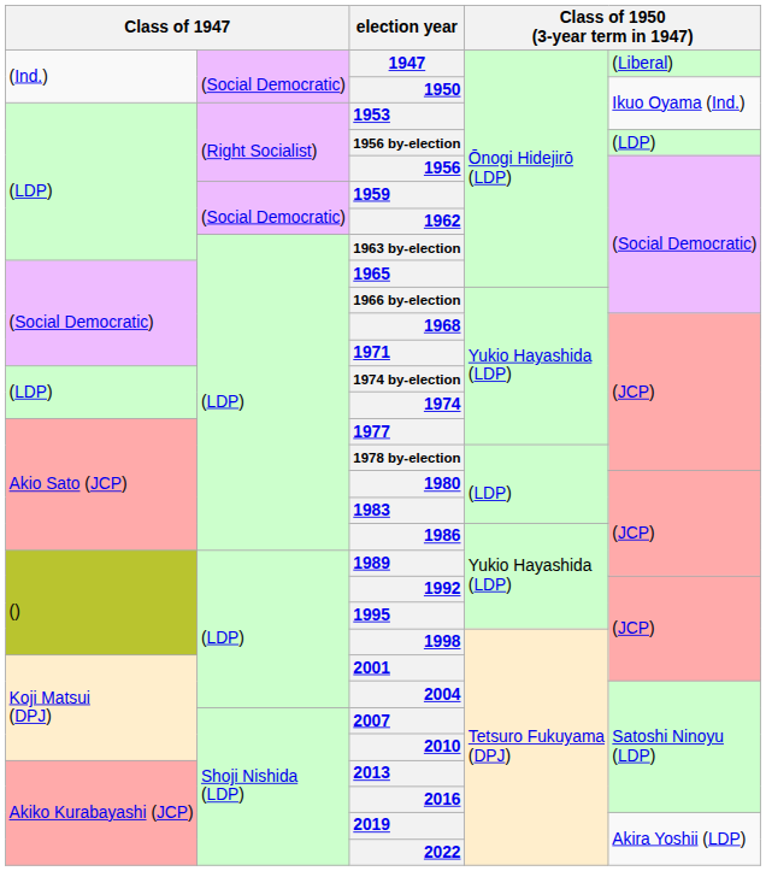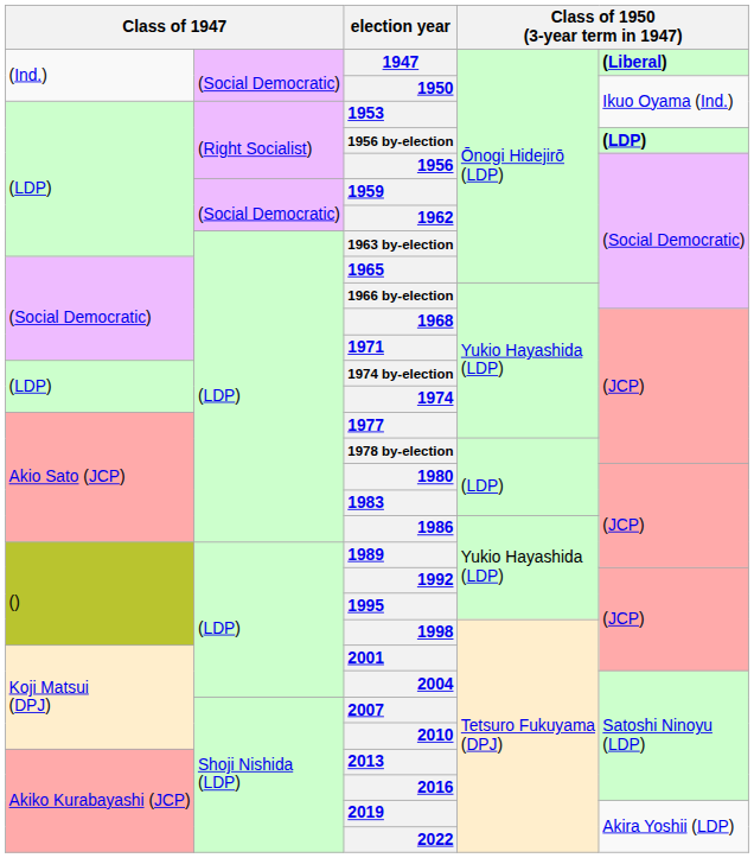 <table class="wikitable" border="1">
 <tr>
 <th colspan="2">Class of 1947</th>
 <th>election year</th>
 <th colspan="2">Class of 1950<br>(3-year term in 1947)</th>
 </tr>
 <tr>
 <td rowspan="2"> (<a href='#'>Ind.</a>)</td>
 <td rowspan="2" bgcolor="#EEBBFF"><br>(<a href='#'>Social Democratic</a>)</td>
 <th style="text-align: center"><a href='#'>1947</a></th>
 <td rowspan="9" bgcolor="#CCFFCC"><a href='#'>Ōnogi Hidejirō</a><br>(<a href='#'>LDP</a>)</td>
-<td bgcolor="#CCFFCC"> (<a href='#'>Liberal</a>)</td>
+<td bgcolor="#CCFFCC"><strong> (<a href='#'>Liberal</a>)</strong></td>
 </tr>
 <tr>
 <th style="text-align: right"><a href='#'>1950</a></th>
 <td rowspan="2"><a href='#'>Ikuo Oyama</a> (<a href='#'>Ind.</a>)</td>
 </tr>
 <tr>
 <td rowspan="6" bgcolor="#CCFFCC"><br>(<a href='#'>LDP</a>)</td>
 <td rowspan="3" bgcolor="#EEBBFF"><br>(<a href='#'>Right Socialist</a>)</td>
 <th style="text-align: left"><a href='#'>1953</a></th>
 </tr>
 <tr>
 <th style="text-align: right"><small>1956 by-election</small></th>
-<td bgcolor="#CCFFCC"> (<a href='#'>LDP</a>)</td>
+<td bgcolor="#CCFFCC"><strong> (<a href='#'>LDP</a>)</strong></td>
 </tr>
 <tr>
 <th style="text-align: right"><a href='#'>1956</a></th>
 <td rowspan="6" bgcolor="#EEBBFF"><br>(<a href='#'>Social Democratic</a>)</td>
 </tr>
 <tr>
 <td rowspan="2" bgcolor="#EEBBFF"><br>(<a href='#'>Social Democratic</a>)</td>
 <th style="text-align: left"><a href='#'>1959</a></th>
 </tr>
 <tr>
 <th style="text-align: right"><a href='#'>1962</a></th>
 </tr>
 <tr>
 <td rowspan="12" bgcolor="#CCFFCC"><br>(<a href='#'>LDP</a>)</td>
 <th style="text-align: left"><small>1963 by-election</small></th>
 </tr>
 <tr>
 <td rowspan="4" bgcolor="#EEBBFF"><br>(<a href='#'>Social Democratic</a>)</td>
 <th style="text-align: left"><a href='#'>1965</a></th>
 </tr>
 <tr>
 <th style="text-align: right"><small>1966 by-election</small></th>
 <td rowspan="6" bgcolor="#CCFFCC"><a href='#'>Yukio Hayashida</a><br>(<a href='#'>LDP</a>)</td>
 </tr>
 <tr>
 <th style="text-align: right"><a href='#'>1968</a></th>
 <td rowspan="6" bgcolor="#FFAAAA"> (<a href='#'>JCP</a>)</td>
 </tr>
 <tr>
 <th style="text-align: left"><a href='#'>1971</a></th>
 </tr>
 <tr>
 <td rowspan="2" bgcolor="#CCFFCC"> (<a href='#'>LDP</a>)</td>
 <th style="text-align: left"><small>1974 by-election</small></th>
 </tr>
 <tr>
 <th style="text-align: right"><a href='#'>1974</a></th>
 </tr>
 <tr>
 <td rowspan="5" bgcolor="#FFAAAA"><a href='#'>Akio Sato</a> (<a href='#'>JCP</a>)</td>
 <th style="text-align: left"><a href='#'>1977</a></th>
 </tr>
 <tr>
 <th style="text-align: right"><small>1978 by-election</small></th>
 <td rowspan="3" bgcolor="#CCFFCC"><br>(<a href='#'>LDP</a>)</td>
 </tr>
 <tr>
 <th style="text-align: right"><a href='#'>1980</a></th>
 <td rowspan="4" bgcolor="#FFAAAA"> <br>(<a href='#'>JCP</a>)</td>
 </tr>
 <tr>
 <th style="text-align: left"><a href='#'>1983</a></th>
 </tr>
 <tr>
 <th style="text-align: right"><a href='#'>1986</a></th>
 <td rowspan="4" bgcolor="#CCFFCC">Yukio Hayashida <br>(<a href='#'>LDP</a>)</td>
 </tr>
 <tr>
 <td rowspan="4" bgcolor="#B9C42F"><br>()</td>
 <td rowspan="6" bgcolor="#CCFFCC"><br>(<a href='#'>LDP</a>)</td>
 <th style="text-align: left"><a href='#'>1989</a></th>
 </tr>
 <tr>
 <th style="text-align: right"><a href='#'>1992</a></th>
 <td rowspan="4" bgcolor="#FFAAAA"> (<a href='#'>JCP</a>)</td>
 </tr>
 <tr>
 <th style="text-align: left"><a href='#'>1995</a></th>
 </tr>
 <tr>
 <th style="text-align: right"><a href='#'>1998</a></th>
 <td rowspan="9" bgcolor="#FFEECC"><a href='#'>Tetsuro Fukuyama</a><br>(<a href='#'>DPJ</a>)</td>
 </tr>
 <tr>
 <td rowspan="4" bgcolor="#FFEECC"><a href='#'>Koji Matsui</a><br>(<a href='#'>DPJ</a>)</td>
 <th style="text-align: left"><a href='#'>2001</a></th>
 </tr>
 <tr>
 <th style="text-align: right"><a href='#'>2004</a></th>
 <td rowspan="5" bgcolor="#CCFFCC"><a href='#'>Satoshi Ninoyu</a><br>(<a href='#'>LDP</a>)</td>
 </tr>
 <tr>
 <td rowspan="6" bgcolor="#CCFFCC"><a href='#'>Shoji Nishida</a><br>(<a href='#'>LDP</a>)</td>
 <th style="text-align: left"><a href='#'>2007</a></th>
 </tr>
 <tr>
 <th style="text-align: right"><a href='#'>2010</a></th>
 </tr>
 <tr>
 <td rowspan="4" bgcolor="#FFAAAA"><a href='#'>Akiko Kurabayashi</a> (<a href='#'>JCP</a>)</td>
 <th style="text-align: left"><a href='#'>2013</a></th>
 </tr>
 <tr>
 <th style="text-align: right"><a href='#'>2016</a></th>
 </tr>
 <tr>
 <th style="text-align: left"><a href='#'>2019</a></th>
 <td rowspan="2"><a href='#'>Akira Yoshii</a> (<a href='#'>LDP</a>)</td>
 </tr>
 <tr>
 <th style="text-align: right"><a href='#'>2022</a></th>
 </tr>
 </table>
